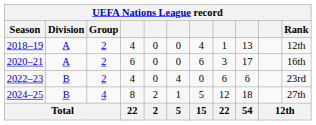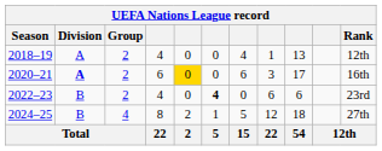 <table class="wikitable" style="text-align: center;">
 <tr>
 <th colspan=11><a href='#'>UEFA Nations League</a> record</th>
 </tr>
 <tr>
 <th>Season</th>
 <th>Division</th>
 <th>Group</th>
 <th width=28></th>
 <th width=28></th>
 <th width=28></th>
 <th width=28></th>
 <th width=28></th>
 <th width=28></th>
 <th width=28></th>
 <th>Rank</th>
 </tr>
 <tr>
 <td><a href='#'>2018–19</a></td>
 <td><a href='#'>A</a></td>
 <td><a href='#'>2</a></td>
 <td>4</td>
 <td>0</td>
 <td>0</td>
 <td>4</td>
 <td>1</td>
 <td>13</td>
 <td></td>
 <td>12th</td>
 </tr>
 <tr>
 <td><a href='#'>2020–21</a></td>
-<td><a href='#'>A</a></td>
+<td><strong><a href='#'>A</a></strong></td>
 <td><a href='#'>2</a></td>
 <td>6</td>
-<td>0</td>
+<td style="background: gold;">0</td>
 <td>0</td>
 <td>6</td>
 <td>3</td>
 <td>17</td>
 <td></td>
 <td>16th</td>
 </tr>
 <tr>
 <td><a href='#'>2022–23</a></td>
 <td><a href='#'>B</a></td>
 <td><a href='#'>2</a></td>
 <td>4</td>
 <td>0</td>
-<td>4</td>
+<td><strong>4</strong></td>
 <td>0</td>
 <td>6</td>
 <td>6</td>
 <td></td>
 <td>23rd</td>
 </tr>
 <tr>
 <td><a href='#'>2024–25</a></td>
 <td><a href='#'>B</a></td>
 <td><a href='#'>4</a></td>
 <td>8</td>
 <td>2</td>
 <td>1</td>
 <td>5</td>
 <td>12</td>
 <td>18</td>
 <td></td>
 <td>27th</td>
 </tr>
 <tr>
 <th colspan=3>Total</th>
 <th>22</th>
 <th>2</th>
 <th>5</th>
 <th>15</th>
 <th>22</th>
 <th>54</th>
 <th colspan=2>12th</th>
 </tr>
 </table>
